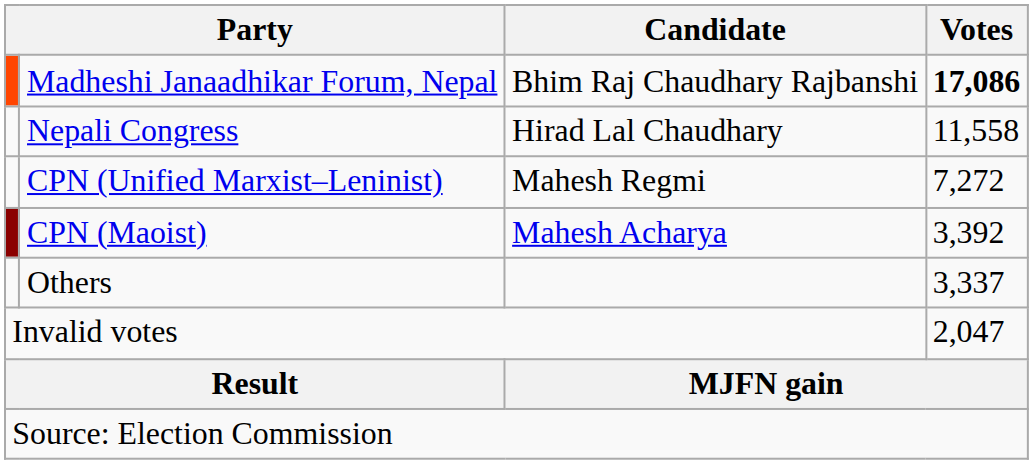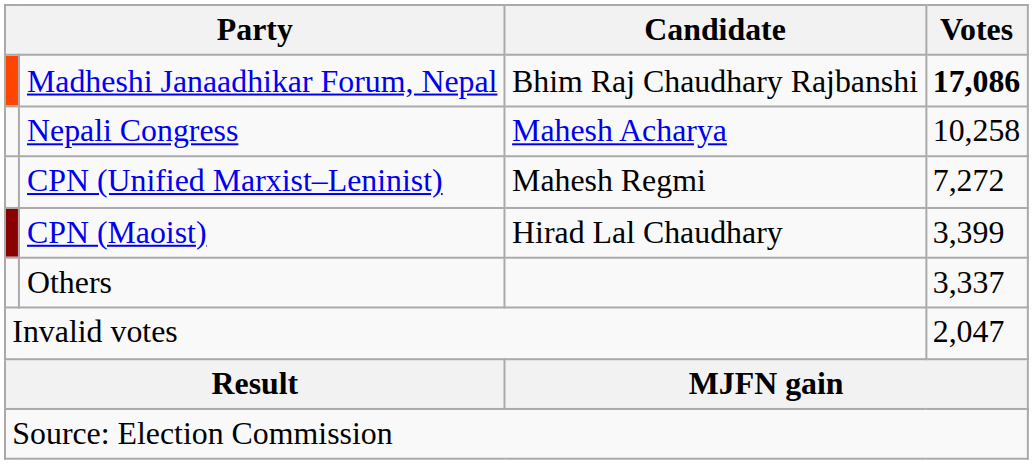 <table class="wikitable">
 <tr>
 <th colspan="2">Party</th>
 <th>Candidate</th>
 <th>Votes</th>
 </tr>
 <tr>
 <td style="background-color:orangered"></td>
 <td><a href='#'>Madheshi Janaadhikar Forum, Nepal</a></td>
 <td>Bhim Raj Chaudhary Rajbanshi</td>
 <td><strong>17,086</strong></td>
 </tr>
 <tr>
 <td style="background-color:"></td>
 <td><a href='#'>Nepali Congress</a></td>
-<td>Hirad Lal Chaudhary</td>
-<td>11,558</td>
+<td><a href='#'>Mahesh Acharya</a></td>
+<td>10,258</td>
 </tr>
 <tr>
 <td style="background-color:"></td>
 <td><a href='#'>CPN (Unified Marxist–Leninist)</a></td>
 <td>Mahesh Regmi</td>
 <td>7,272</td>
 </tr>
 <tr>
 <td style="background-color:darkred"></td>
 <td><a href='#'>CPN (Maoist)</a></td>
-<td><a href='#'>Mahesh Acharya</a></td>
-<td>3,392</td>
+<td>Hirad Lal Chaudhary</td>
+<td>3,399</td>
 </tr>
 <tr>
 <td></td>
 <td>Others</td>
 <td></td>
 <td>3,337</td>
 </tr>
 <tr>
 <td colspan="3">Invalid votes</td>
 <td>2,047</td>
 </tr>
 <tr>
 <th colspan="2">Result</th>
 <th colspan="2">MJFN gain</th>
 </tr>
 <tr>
 <td colspan="4">Source: Election Commission</td>
 </tr>
 </table>
